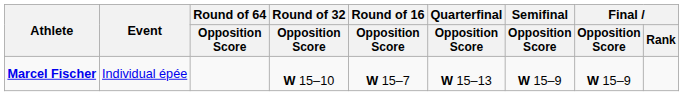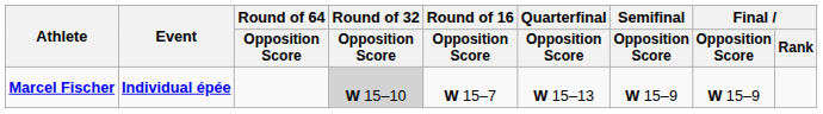 <table class="wikitable" style="font-size:90%">
 <tr>
 <th rowspan="2">Athlete</th>
 <th rowspan="2">Event</th>
 <th>Round of 64</th>
 <th>Round of 32</th>
 <th>Round of 16</th>
 <th>Quarterfinal</th>
 <th>Semifinal</th>
 <th colspan=2>Final / </th>
 </tr>
 <tr style="font-size:95%">
 <th>Opposition <br> Score</th>
 <th>Opposition <br> Score</th>
 <th>Opposition <br> Score</th>
 <th>Opposition <br> Score</th>
 <th>Opposition <br> Score</th>
 <th>Opposition <br> Score</th>
 <th>Rank</th>
 </tr>
 <tr align=center>
 <td align=left><strong><a href='#'>Marcel Fischer</a></strong></td>
-<td align=left><a href='#'>Individual épée</a></td>
+<td align=left><strong><a href='#'>Individual épée</a></strong></td>
 <td></td>
-<td><br><strong>W</strong> 15–10</td>
+<td style="background: lightgrey;"><br><strong>W</strong> 15–10</td>
 <td><br><strong>W</strong> 15–7</td>
 <td><br><strong>W</strong> 15–13</td>
 <td><br><strong>W</strong> 15–9</td>
 <td><br><strong>W</strong> 15–9</td>
 <td></td>
 </tr>
 </table>
